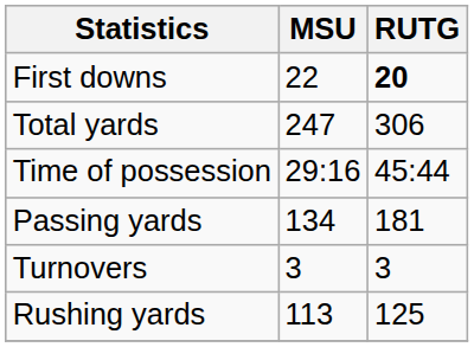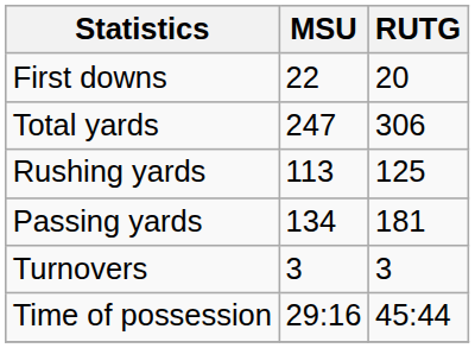 <table class="wikitable">
 <tr>
 <th>Statistics</th>
 <th>MSU</th>
 <th>RUTG</th>
 </tr>
 <tr>
 <td>First downs</td>
 <td>22</td>
-<td><strong>20</strong></td>
+<td>20</td>
 </tr>
 <tr>
 <td>Total yards</td>
 <td>247</td>
 <td>306</td>
 </tr>
 <tr>
-<td>Time of possession</td>
-<td>29:16</td>
-<td>45:44</td>
+<td>Rushing yards</td>
+<td>113</td>
+<td>125</td>
 </tr>
 <tr>
 <td>Passing yards</td>
 <td>134</td>
 <td>181</td>
 </tr>
 <tr>
 <td>Turnovers</td>
 <td>3</td>
 <td>3</td>
 </tr>
 <tr>
-<td>Rushing yards</td>
-<td>113</td>
-<td>125</td>
+<td>Time of possession</td>
+<td>29:16</td>
+<td>45:44</td>
 </tr>
 <tr>
 </tr>
 </table>
